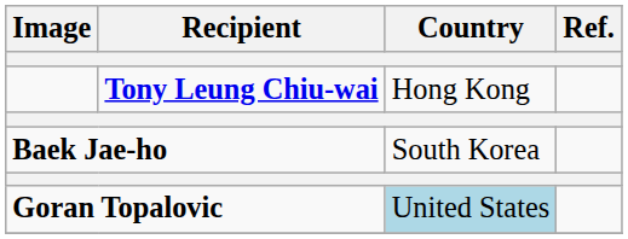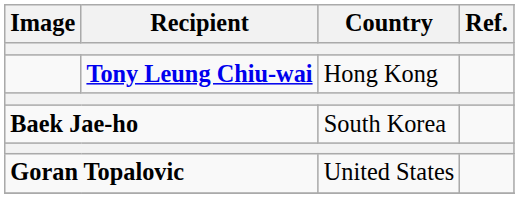 <table class="wikitable">
 <tr>
 <th>Image</th>
 <th>Recipient</th>
 <th>Country</th>
 <th>Ref.</th>
 </tr>
 <tr>
 <th colspan =4></th>
 </tr>
 <tr>
 <td></td>
 <td><strong><a href='#'>Tony Leung Chiu-wai</a></strong></td>
 <td>Hong Kong</td>
 <td style="text-align:center"></td>
 </tr>
 <tr>
 <th colspan =4></th>
 </tr>
 <tr>
 <td colspan =2><strong>Baek Jae-ho</strong></td>
 <td>South Korea</td>
 <td style="text-align:center"></td>
 </tr>
 <tr>
 <th colspan =4></th>
 </tr>
 <tr>
 <td colspan =2><strong>Goran Topalovic</strong></td>
-<td style="background: lightblue;">United States</td>
+<td>United States</td>
 <td style="text-align:center"></td>
 </tr>
 <tr>
 </tr>
 </table>
